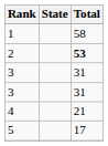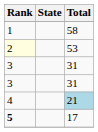 <table class="wikitable">
 <tr>
 <th>Rank</th>
 <th>State</th>
 <th>Total</th>
 </tr>
 <tr>
 </tr>
 <tr>
 <td>1</td>
 <td></td>
 <td>58</td>
 </tr>
 <tr>
-<td>2</td>
+<td style="background: lightyellow;">2</td>
 <td></td>
-<td><strong>53</strong></td>
+<td>53</td>
 </tr>
 <tr>
 <td>3</td>
 <td></td>
 <td>31</td>
 </tr>
 <tr>
 <td>3</td>
 <td></td>
 <td>31</td>
 </tr>
 <tr>
 <td>4</td>
 <td></td>
-<td>21</td>
+<td style="background: lightblue;">21</td>
 </tr>
 <tr>
-<td>5</td>
+<td><strong>5</strong></td>
 <td></td>
 <td>17</td>
 </tr>
 <tr>
 </tr>
 </table>
